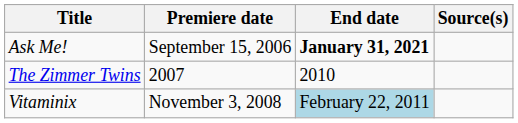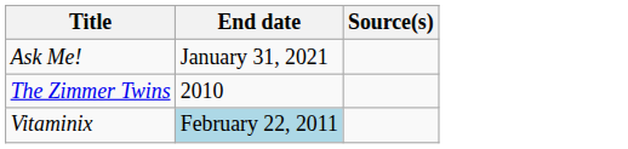 <table class="wikitable sortable">
 <tr>
 <th>Title</th>
-<th>Premiere date</th>
 <th>End date</th>
 <th>Source(s)</th>
 </tr>
 <tr>
 <td><em>Ask Me!</em></td>
-<td>September 15, 2006</td>
-<td><strong>January 31, 2021</strong></td>
+<td>January 31, 2021</td>
 <td></td>
 </tr>
 <tr>
 <td><em><a href='#'>The Zimmer Twins</a></em></td>
-<td>2007</td>
 <td>2010</td>
 <td></td>
 </tr>
 <tr>
 <td><em>Vitaminix</em></td>
-<td>November 3, 2008</td>
 <td style="background: lightblue;">February 22, 2011</td>
 <td></td>
 </tr>
 </table>
